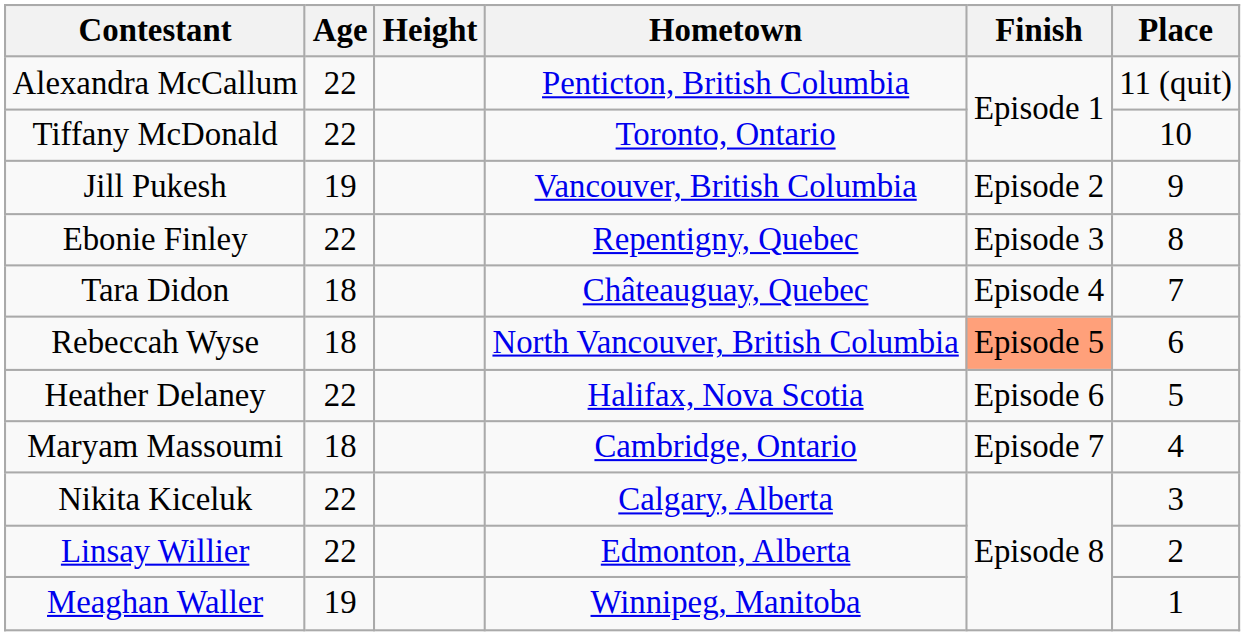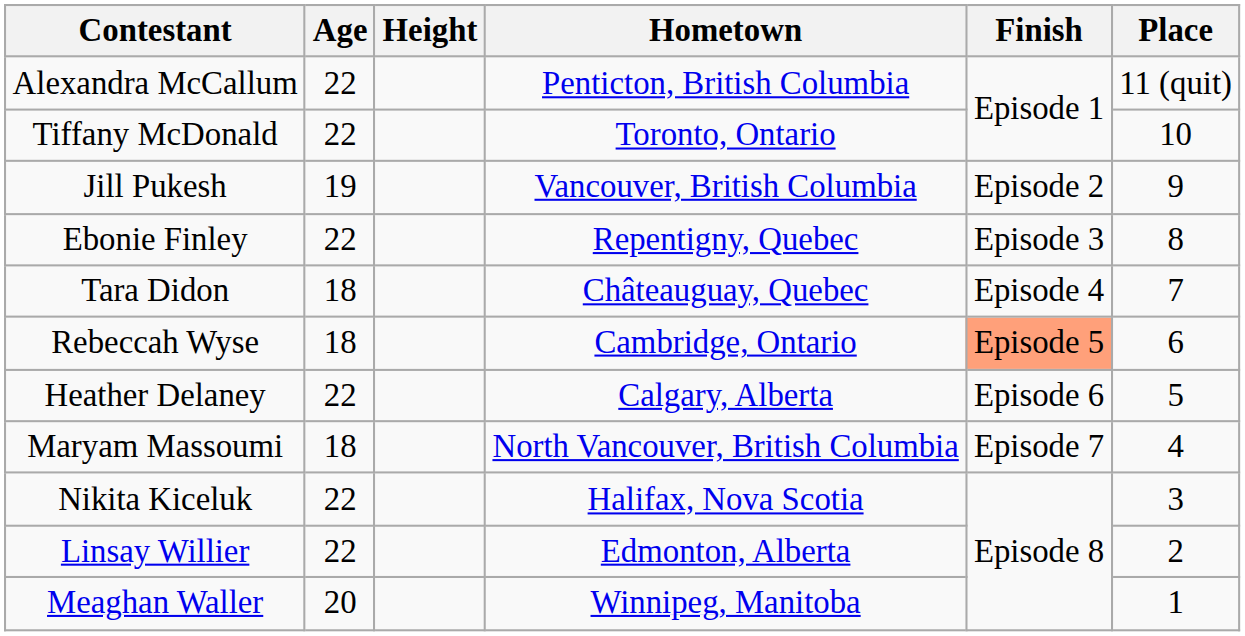 <table class="wikitable sortable" style="text-align:center;">
 <tr>
 <th>Contestant</th>
 <th>Age</th>
 <th>Height</th>
 <th>Hometown</th>
 <th>Finish</th>
 <th>Place</th>
 </tr>
 <tr>
 <td>Alexandra McCallum</td>
 <td>22</td>
 <td></td>
 <td><a href='#'>Penticton, British Columbia</a></td>
 <td rowspan="2">Episode 1</td>
 <td>11 (quit)</td>
 </tr>
 <tr>
 <td>Tiffany McDonald</td>
 <td>22</td>
 <td></td>
 <td><a href='#'>Toronto, Ontario</a></td>
 <td>10</td>
 </tr>
 <tr>
 <td>Jill Pukesh</td>
 <td>19</td>
 <td></td>
 <td><a href='#'>Vancouver, British Columbia</a></td>
 <td>Episode 2</td>
 <td>9</td>
 </tr>
 <tr>
 <td>Ebonie Finley</td>
 <td>22</td>
 <td></td>
 <td><a href='#'>Repentigny, Quebec</a></td>
 <td>Episode 3</td>
 <td>8</td>
 </tr>
 <tr>
 <td>Tara Didon</td>
 <td>18</td>
 <td></td>
 <td><a href='#'>Châteauguay, Quebec</a></td>
 <td>Episode 4</td>
 <td>7</td>
 </tr>
 <tr>
 <td>Rebeccah Wyse</td>
 <td>18</td>
 <td></td>
-<td><a href='#'>North Vancouver, British Columbia</a></td>
+<td><a href='#'>Cambridge, Ontario</a></td>
 <td style="background: lightsalmon;">Episode 5</td>
 <td>6</td>
 </tr>
 <tr>
 <td>Heather Delaney</td>
 <td>22</td>
 <td></td>
-<td><a href='#'>Halifax, Nova Scotia</a></td>
+<td><a href='#'>Calgary, Alberta</a></td>
 <td>Episode 6</td>
 <td>5</td>
 </tr>
 <tr>
 <td>Maryam Massoumi</td>
 <td>18</td>
 <td></td>
-<td><a href='#'>Cambridge, Ontario</a></td>
+<td><a href='#'>North Vancouver, British Columbia</a></td>
 <td>Episode 7</td>
 <td>4</td>
 </tr>
 <tr>
 <td>Nikita Kiceluk</td>
 <td>22</td>
 <td></td>
-<td><a href='#'>Calgary, Alberta</a></td>
+<td><a href='#'>Halifax, Nova Scotia</a></td>
 <td rowspan="3">Episode 8</td>
 <td>3</td>
 </tr>
 <tr>
 <td><a href='#'>Linsay Willier</a></td>
 <td>22</td>
 <td></td>
 <td><a href='#'>Edmonton, Alberta</a></td>
 <td>2</td>
 </tr>
 <tr>
 <td><a href='#'>Meaghan Waller</a></td>
-<td>19</td>
+<td>20</td>
 <td></td>
 <td><a href='#'>Winnipeg, Manitoba</a></td>
 <td>1</td>
 </tr>
 </table>
